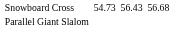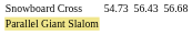 <table>
 <tr>
 <td>Snowboard Cross</td>
 <td></td>
 <td>54.73</td>
 <td></td>
 <td>56.43</td>
 <td></td>
 <td>56.68</td>
 </tr>
 <tr>
-<td>Parallel Giant Slalom</td>
+<td style="background: khaki;">Parallel Giant Slalom</td>
 <td colspan=2></td>
 <td colspan=2></td>
 <td colspan=2></td>
 </tr>
 </table>
